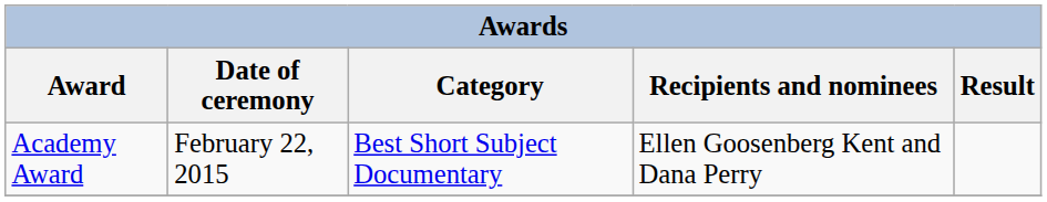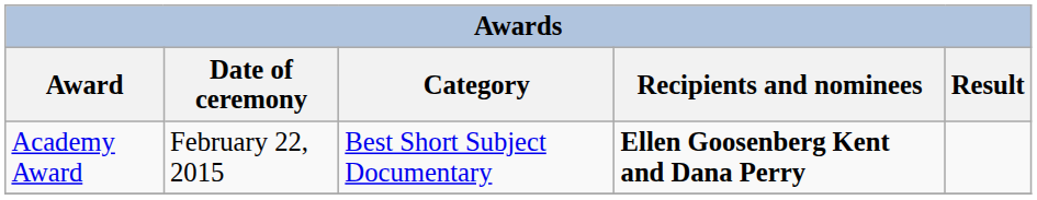 <table class="wikitable">
 <tr>
 <th colspan="5" style="background: LightSteelBlue;">Awards</th>
 </tr>
 <tr>
 <th>Award</th>
 <th>Date of ceremony</th>
 <th>Category</th>
 <th>Recipients and nominees</th>
 <th>Result</th>
 </tr>
 <tr>
 <td><a href='#'>Academy Award</a></td>
 <td>February 22, 2015</td>
 <td><a href='#'>Best Short Subject Documentary</a></td>
-<td>Ellen Goosenberg Kent and Dana Perry</td>
+<td><strong>Ellen Goosenberg Kent and Dana Perry</strong></td>
 <td></td>
 </tr>
 <tr>
 </tr>
 </table>
